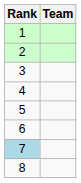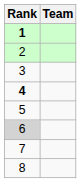 <table class="wikitable" style="text-align:center;">
 <tr>
 <th>Rank</th>
 <th>Team</th>
 </tr>
 <tr bgcolor="ccffcc">
-<td>1</td>
+<td><strong>1</strong></td>
 <td align="left"></td>
 </tr>
 <tr bgcolor="ccffcc">
 <td>2</td>
 <td align="left"></td>
 </tr>
 <tr>
 <td>3</td>
 <td align="left"></td>
 </tr>
 <tr>
-<td>4</td>
+<td><strong>4</strong></td>
 <td align="left"></td>
 </tr>
 <tr>
 <td>5</td>
 <td align="left"></td>
 </tr>
 <tr>
-<td>6</td>
+<td style="background: lightgrey;">6</td>
 <td align="left"></td>
 </tr>
 <tr>
-<td style="background: lightblue;">7</td>
+<td>7</td>
 <td align="left"></td>
 </tr>
 <tr>
 <td>8</td>
 <td align="left"></td>
 </tr>
 </table>
